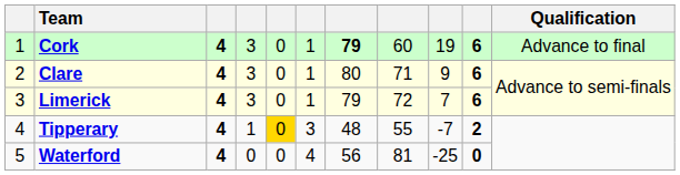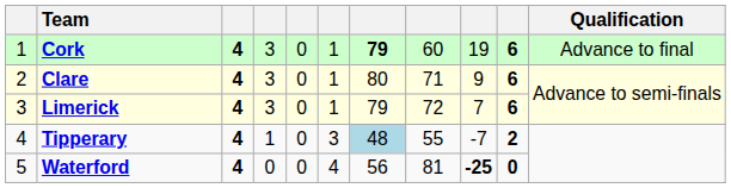 <table class="wikitable" style="text-align:center">
 <tr>
 <th width=20></th>
 <th width=150 style="text-align:left;">Team</th>
 <th width=20></th>
 <th width=20></th>
 <th width=20></th>
 <th width=20></th>
 <th width=40></th>
 <th width=40></th>
 <th width=20></th>
 <th width=20></th>
 <th>Qualification</th>
 </tr>
 <tr style="background:#ccffcc">
 <td>1</td>
 <td align=left><strong> <a href='#'>Cork</a> </strong></td>
 <td><strong>4</strong></td>
 <td>3</td>
 <td>0</td>
 <td>1</td>
 <td><strong>79</strong></td>
 <td>60</td>
 <td>19</td>
 <td><strong>6</strong></td>
 <td>Advance to final</td>
 </tr>
 <tr style="background:#FFFFE0">
 <td>2</td>
 <td align=left><strong> <a href='#'>Clare</a> </strong></td>
 <td><strong>4</strong></td>
 <td>3</td>
 <td>0</td>
 <td>1</td>
 <td>80</td>
 <td>71</td>
 <td>9</td>
 <td><strong>6</strong></td>
 <td rowspan="2">Advance to semi-finals</td>
 </tr>
 <tr style="background:#FFFFE0">
 <td>3</td>
 <td align=left><strong> <a href='#'>Limerick</a> </strong></td>
 <td><strong>4</strong></td>
 <td>3</td>
 <td>0</td>
 <td>1</td>
 <td>79</td>
 <td>72</td>
 <td>7</td>
 <td><strong>6</strong></td>
 </tr>
 <tr>
 <td>4</td>
 <td align=left><strong> <a href='#'>Tipperary</a> </strong></td>
 <td><strong>4</strong></td>
 <td>1</td>
-<td style="background: gold;">0</td>
+<td>0</td>
 <td>3</td>
-<td>48</td>
+<td style="background: lightblue;">48</td>
 <td>55</td>
 <td>-7</td>
 <td><strong>2</strong></td>
 <td rowspan="2"></td>
 </tr>
 <tr>
 <td>5</td>
 <td align=left><strong> <a href='#'>Waterford</a> </strong></td>
 <td><strong>4</strong></td>
 <td>0</td>
 <td>0</td>
 <td>4</td>
 <td>56</td>
 <td>81</td>
-<td>-25</td>
+<td><strong>-25</strong></td>
 <td><strong>0</strong></td>
 </tr>
 </table>
